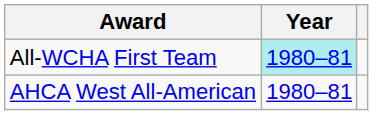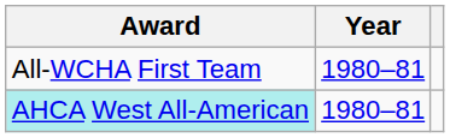 <table class="wikitable">
 <tr>
 <th>Award</th>
 <th>Year</th>
 <th></th>
 </tr>
 <tr>
 <td>All-<a href='#'>WCHA</a> <a href='#'>First Team</a></td>
-<td style="background: paleturquoise;"><a href='#'>1980–81</a></td>
+<td><a href='#'>1980–81</a></td>
 <td></td>
 </tr>
 <tr>
-<td><a href='#'>AHCA</a> <a href='#'>West All-American</a></td>
+<td style="background: paleturquoise;"><a href='#'>AHCA</a> <a href='#'>West All-American</a></td>
 <td><a href='#'>1980–81</a></td>
 <td></td>
 </tr>
 </table>
